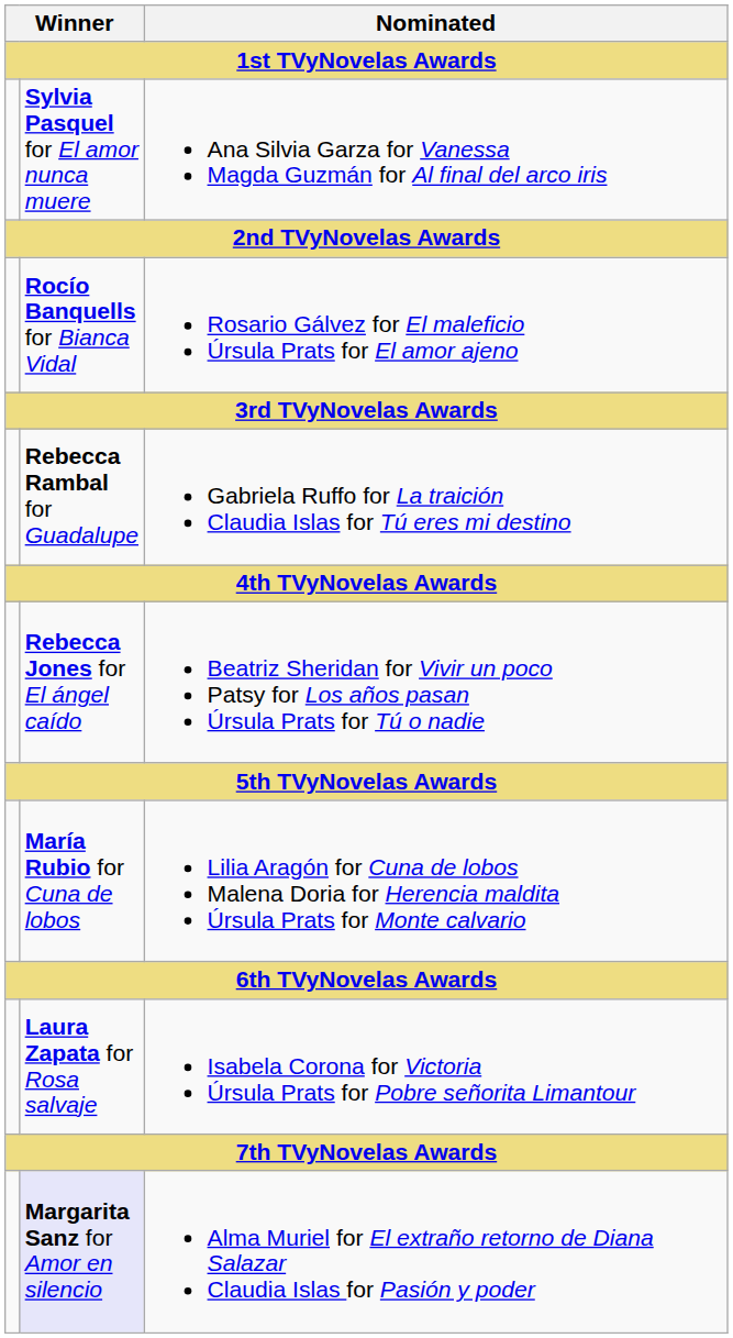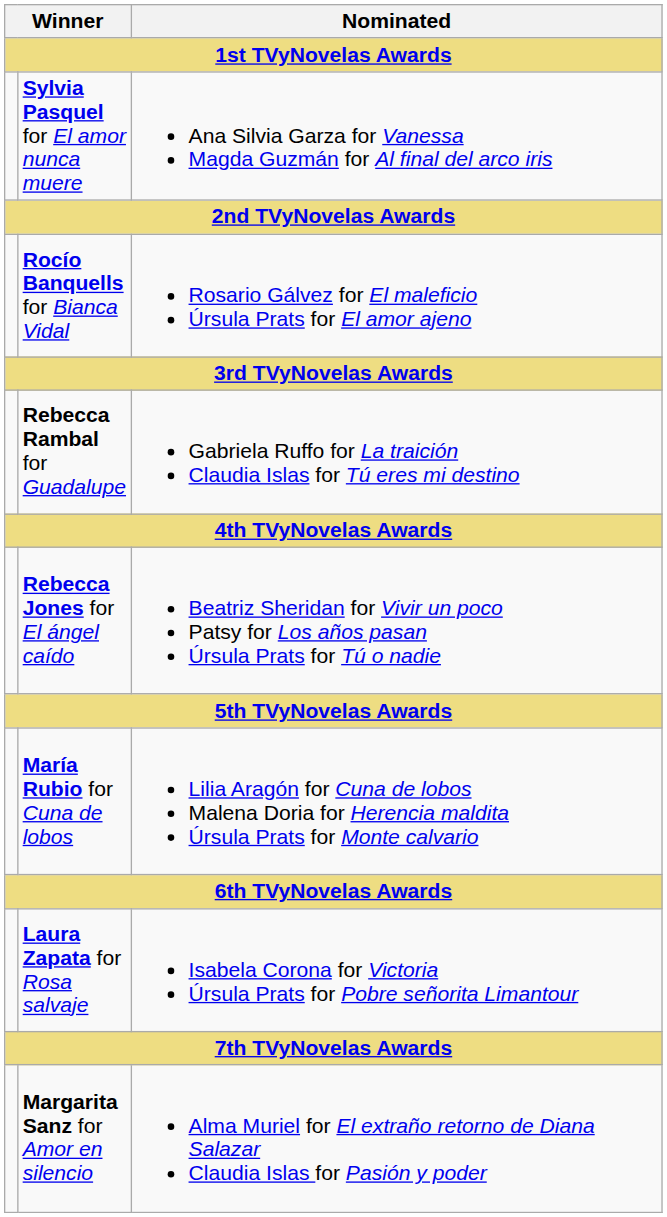 <table class="wikitable" width=80%>
 <tr align=center>
 <th width="150px;" colspan=2; align="center">Winner</th>
 <th width="580px;" align="center">Nominated</th>
 </tr>
 <tr>
 <th colspan=9 style="background:#EEDD82;"  align="center"><strong><a href='#'>1st TVyNovelas Awards</a></strong></th>
 </tr>
 <tr>
 <td width=2%></td>
 <td><strong><a href='#'>Sylvia Pasquel</a></strong> for <em><a href='#'>El amor nunca muere</a></em></td>
 <td><br><ul><li>Ana Silvia Garza for <em><a href='#'>Vanessa</a></em></li><li><a href='#'>Magda Guzmán</a> for <em><a href='#'>Al final del arco iris</a></em></li></ul></td>
 </tr>
 <tr>
 <th colspan=9 style="background:#EEDD82;"  align="center"><strong><a href='#'>2nd TVyNovelas Awards</a></strong></th>
 </tr>
 <tr>
 <td width=2%></td>
 <td><strong><a href='#'>Rocío Banquells</a></strong> for <em><a href='#'>Bianca Vidal</a></em></td>
 <td><br><ul><li><a href='#'>Rosario Gálvez</a> for <em><a href='#'>El maleficio</a></em></li><li><a href='#'>Úrsula Prats</a> for <em><a href='#'>El amor ajeno</a></em></li></ul></td>
 </tr>
 <tr>
 <th colspan=9 style="background:#EEDD82;"  align="center"><strong><a href='#'>3rd TVyNovelas Awards</a></strong></th>
 </tr>
 <tr>
 <td width=2%></td>
 <td><strong>Rebecca Rambal</strong> for <em><a href='#'>Guadalupe</a></em></td>
 <td><br><ul><li>Gabriela Ruffo for <em><a href='#'>La traición</a></em></li><li><a href='#'>Claudia Islas</a> for <em><a href='#'>Tú eres mi destino</a></em></li></ul></td>
 </tr>
 <tr>
 <th colspan=9 style="background:#EEDD82;"  align="center"><strong><a href='#'>4th TVyNovelas Awards</a></strong></th>
 </tr>
 <tr>
 <td width=2%></td>
 <td><strong><a href='#'>Rebecca Jones</a></strong> for <em><a href='#'>El ángel caído</a></em></td>
 <td><br><ul><li><a href='#'>Beatriz Sheridan</a> for <em><a href='#'>Vivir un poco</a></em></li><li>Patsy for <em><a href='#'>Los años pasan</a></em></li><li><a href='#'>Úrsula Prats</a> for <em><a href='#'>Tú o nadie</a></em></li></ul></td>
 </tr>
 <tr>
 <th colspan=9 style="background:#EEDD82;"  align="center"><strong><a href='#'>5th TVyNovelas Awards</a></strong></th>
 </tr>
 <tr>
 <td width=2%></td>
 <td><strong><a href='#'>María Rubio</a></strong> for <em><a href='#'>Cuna de lobos</a></em></td>
 <td><br><ul><li><a href='#'>Lilia Aragón</a> for <em><a href='#'>Cuna de lobos</a></em></li><li>Malena Doria for <em><a href='#'>Herencia maldita</a></em></li><li><a href='#'>Úrsula Prats</a> for <em><a href='#'>Monte calvario</a></em></li></ul></td>
 </tr>
 <tr>
 <th colspan=9 style="background:#EEDD82;"  align="center"><strong><a href='#'>6th TVyNovelas Awards</a></strong></th>
 </tr>
 <tr>
 <td width=2%></td>
 <td><strong><a href='#'>Laura Zapata</a></strong> for <em><a href='#'>Rosa salvaje</a></em></td>
 <td><br><ul><li><a href='#'>Isabela Corona</a> for <em><a href='#'>Victoria</a></em></li><li><a href='#'>Úrsula Prats</a> for <em><a href='#'>Pobre señorita Limantour</a></em></li></ul></td>
 </tr>
 <tr>
 <th colspan=9 style="background:#EEDD82;"  align="center"><strong><a href='#'>7th TVyNovelas Awards</a></strong></th>
 </tr>
 <tr>
 <td width=2%></td>
-<td style="background: lavender;"><strong>Margarita Sanz</strong> for <em><a href='#'>Amor en silencio</a></em></td>
+<td><strong>Margarita Sanz</strong> for <em><a href='#'>Amor en silencio</a></em></td>
 <td><br><ul><li><a href='#'>Alma Muriel</a> for <em><a href='#'>El extraño retorno de Diana Salazar</a></em></li><li><a href='#'>Claudia Islas </a> for <em><a href='#'>Pasión y poder</a></em></li></ul></td>
 </tr>
 </table>
